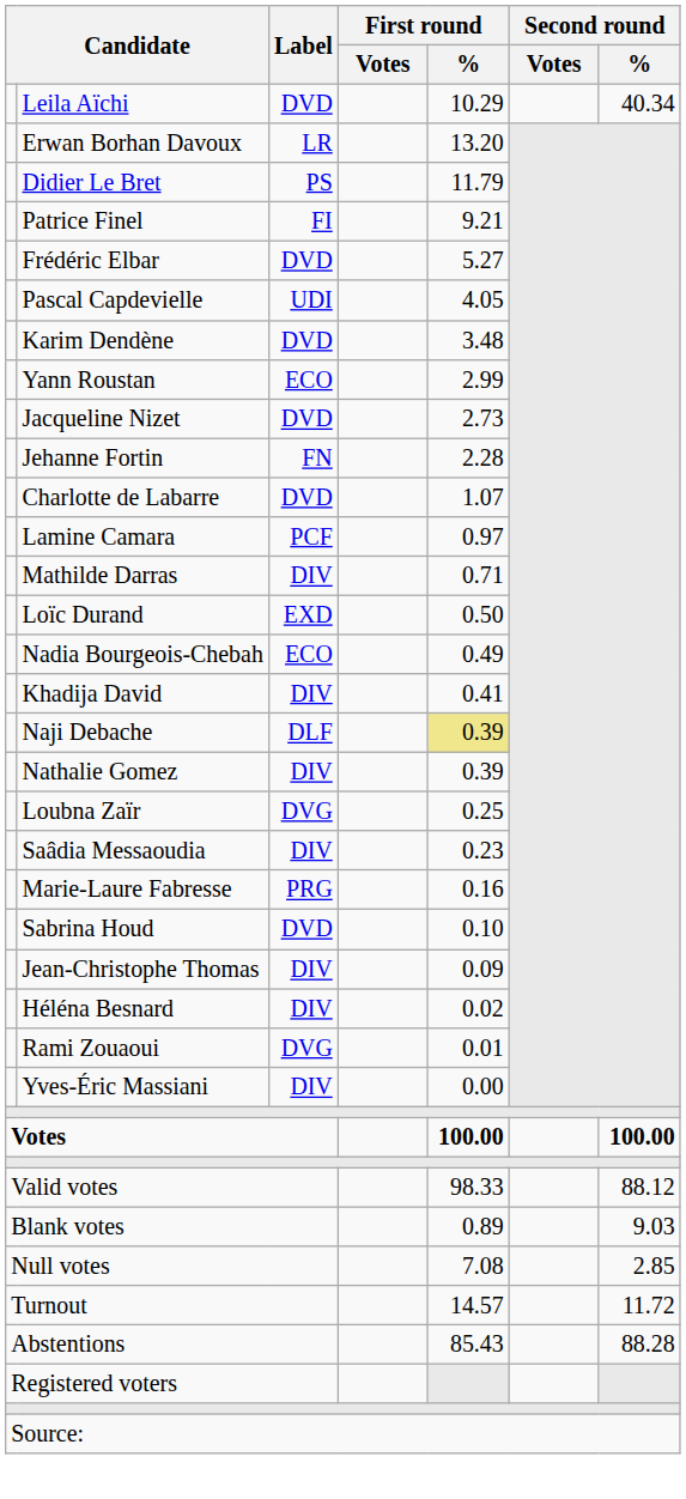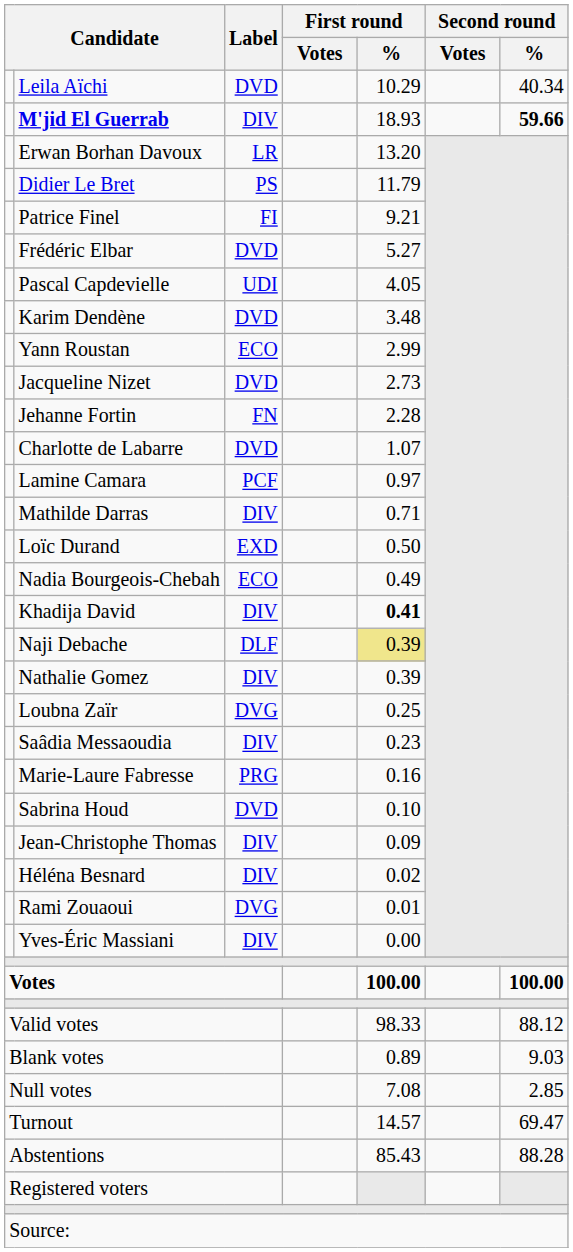 <table class="wikitable" style="text-align:right;font-size:95%;">
 <tr>
 <th rowspan="2" colspan="2">Candidate</th>
 <th rowspan="2">Label</th>
 <th colspan="2">First round</th>
 <th colspan="2">Second round</th>
 </tr>
 <tr>
 <th style="width:50px;">Votes</th>
 <th style="width:45px;">%</th>
 <th style="width:50px;">Votes</th>
 <th style="width:45px;">%</th>
 </tr>
 <tr>
 <td style="color:inherit;background:"></td>
 <td style="text-align:left;"><a href='#'>Leila Aïchi</a></td>
 <td><a href='#'>DVD</a></td>
 <td></td>
 <td>10.29</td>
 <td></td>
 <td>40.34</td>
+</tr>
+<tr>
+<td style="color:inherit;background:"></td>
+<td style="text-align:left;"><strong><a href='#'>M'jid El Guerrab</a></strong></td>
+<td><a href='#'>DIV</a></td>
+<td></td>
+<td>18.93</td>
+<td><strong></strong></td>
+<td><strong>59.66</strong></td>
 </tr>
 <tr>
 <td style="color:inherit;background:"></td>
 <td style="text-align:left;">Erwan Borhan Davoux</td>
 <td><a href='#'>LR</a></td>
 <td></td>
 <td>13.20</td>
 <td colspan="2" rowspan="25" style="background:#E9E9E9;"></td>
 </tr>
 <tr>
 <td style="color:inherit;background:"></td>
 <td style="text-align:left;"><a href='#'>Didier Le Bret</a></td>
 <td><a href='#'>PS</a></td>
 <td></td>
 <td>11.79</td>
 </tr>
 <tr>
 <td style="color:inherit;background:"></td>
 <td style="text-align:left;">Patrice Finel</td>
 <td><a href='#'>FI</a></td>
 <td></td>
 <td>9.21</td>
 </tr>
 <tr>
 <td style="color:inherit;background:"></td>
 <td style="text-align:left;">Frédéric Elbar</td>
 <td><a href='#'>DVD</a></td>
 <td></td>
 <td>5.27</td>
 </tr>
 <tr>
 <td style="color:inherit;background:"></td>
 <td style="text-align:left;">Pascal Capdevielle</td>
 <td><a href='#'>UDI</a></td>
 <td></td>
 <td>4.05</td>
 </tr>
 <tr>
 <td style="color:inherit;background:"></td>
 <td style="text-align:left;">Karim Dendène</td>
 <td><a href='#'>DVD</a></td>
 <td></td>
 <td>3.48</td>
 </tr>
 <tr>
 <td style="color:inherit;background:"></td>
 <td style="text-align:left;">Yann Roustan</td>
 <td><a href='#'>ECO</a></td>
 <td></td>
 <td>2.99</td>
 </tr>
 <tr>
 <td style="color:inherit;background:"></td>
 <td style="text-align:left;">Jacqueline Nizet</td>
 <td><a href='#'>DVD</a></td>
 <td></td>
 <td>2.73</td>
 </tr>
 <tr>
 <td style="color:inherit;background:"></td>
 <td style="text-align:left;">Jehanne Fortin</td>
 <td><a href='#'>FN</a></td>
 <td></td>
 <td>2.28</td>
 </tr>
 <tr>
 <td style="color:inherit;background:"></td>
 <td style="text-align:left;">Charlotte de Labarre</td>
 <td><a href='#'>DVD</a></td>
 <td></td>
 <td>1.07</td>
 </tr>
 <tr>
 <td style="color:inherit;background:"></td>
 <td style="text-align:left;">Lamine Camara</td>
 <td><a href='#'>PCF</a></td>
 <td></td>
 <td>0.97</td>
 </tr>
 <tr>
 <td style="color:inherit;background:"></td>
 <td style="text-align:left;">Mathilde Darras</td>
 <td><a href='#'>DIV</a></td>
 <td></td>
 <td>0.71</td>
 </tr>
 <tr>
 <td style="color:inherit;background:"></td>
 <td style="text-align:left;">Loïc Durand</td>
 <td><a href='#'>EXD</a></td>
 <td></td>
 <td>0.50</td>
 </tr>
 <tr>
 <td style="color:inherit;background:"></td>
 <td style="text-align:left;">Nadia Bourgeois-Chebah</td>
 <td><a href='#'>ECO</a></td>
 <td></td>
 <td>0.49</td>
 </tr>
 <tr>
 <td style="color:inherit;background:"></td>
 <td style="text-align:left;">Khadija David</td>
 <td><a href='#'>DIV</a></td>
 <td></td>
-<td>0.41</td>
+<td><strong>0.41</strong></td>
 </tr>
 <tr>
 <td style="color:inherit;background:"></td>
 <td style="text-align:left;">Naji Debache</td>
 <td><a href='#'>DLF</a></td>
 <td></td>
 <td style="background: khaki;">0.39</td>
 </tr>
 <tr>
 <td style="color:inherit;background:"></td>
 <td style="text-align:left;">Nathalie Gomez</td>
 <td><a href='#'>DIV</a></td>
 <td></td>
 <td>0.39</td>
 </tr>
 <tr>
 <td style="color:inherit;background:"></td>
 <td style="text-align:left;">Loubna Zaïr</td>
 <td><a href='#'>DVG</a></td>
 <td></td>
 <td>0.25</td>
 </tr>
 <tr>
 <td style="color:inherit;background:"></td>
 <td style="text-align:left;">Saâdia Messaoudia</td>
 <td><a href='#'>DIV</a></td>
 <td></td>
 <td>0.23</td>
 </tr>
 <tr>
 <td style="color:inherit;background:"></td>
 <td style="text-align:left;">Marie-Laure Fabresse</td>
 <td><a href='#'>PRG</a></td>
 <td></td>
 <td>0.16</td>
 </tr>
 <tr>
 <td style="color:inherit;background:"></td>
 <td style="text-align:left;">Sabrina Houd</td>
 <td><a href='#'>DVD</a></td>
 <td></td>
 <td>0.10</td>
 </tr>
 <tr>
 <td style="color:inherit;background:"></td>
 <td style="text-align:left;">Jean-Christophe Thomas</td>
 <td><a href='#'>DIV</a></td>
 <td></td>
 <td>0.09</td>
 </tr>
 <tr>
 <td style="color:inherit;background:"></td>
 <td style="text-align:left;">Héléna Besnard</td>
 <td><a href='#'>DIV</a></td>
 <td></td>
 <td>0.02</td>
 </tr>
 <tr>
 <td style="color:inherit;background:"></td>
 <td style="text-align:left;">Rami Zouaoui</td>
 <td><a href='#'>DVG</a></td>
 <td></td>
 <td>0.01</td>
 </tr>
 <tr>
 <td style="color:inherit;background:"></td>
 <td style="text-align:left;">Yves-Éric Massiani</td>
 <td><a href='#'>DIV</a></td>
 <td></td>
 <td>0.00</td>
 </tr>
 <tr>
 <td colspan="7" style="background:#E9E9E9;"></td>
 </tr>
 <tr style="font-weight:bold;">
 <td colspan="3" style="text-align:left;">Votes</td>
 <td></td>
 <td>100.00</td>
 <td></td>
 <td>100.00</td>
 </tr>
 <tr>
 <td colspan="7" style="background:#E9E9E9;"></td>
 </tr>
 <tr>
 <td colspan="3" style="text-align:left;">Valid votes</td>
 <td></td>
 <td>98.33</td>
 <td></td>
 <td>88.12</td>
 </tr>
 <tr>
 <td colspan="3" style="text-align:left;">Blank votes</td>
 <td></td>
 <td>0.89</td>
 <td></td>
 <td>9.03</td>
 </tr>
 <tr>
 <td colspan="3" style="text-align:left;">Null votes</td>
 <td></td>
 <td>7.08</td>
 <td></td>
 <td>2.85</td>
 </tr>
 <tr>
 <td colspan="3" style="text-align:left;">Turnout</td>
 <td></td>
 <td>14.57</td>
 <td></td>
-<td>11.72</td>
+<td>69.47</td>
 </tr>
 <tr>
 <td colspan="3" style="text-align:left;">Abstentions</td>
 <td></td>
 <td>85.43</td>
 <td></td>
 <td>88.28</td>
 </tr>
 <tr>
 <td colspan="3" style="text-align:left;">Registered voters</td>
 <td></td>
 <td style="background:#E9E9E9;"></td>
 <td></td>
 <td style="background:#E9E9E9;"></td>
 </tr>
 <tr>
 <td colspan="7" style="background:#E9E9E9;"></td>
 </tr>
 <tr>
 <td colspan="7" style="text-align:left;">Source: </td>
 </tr>
 </table>
